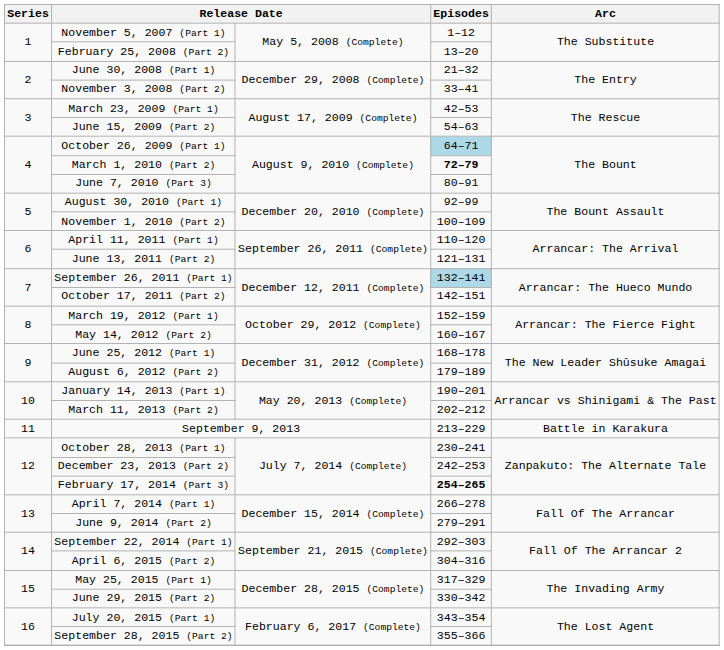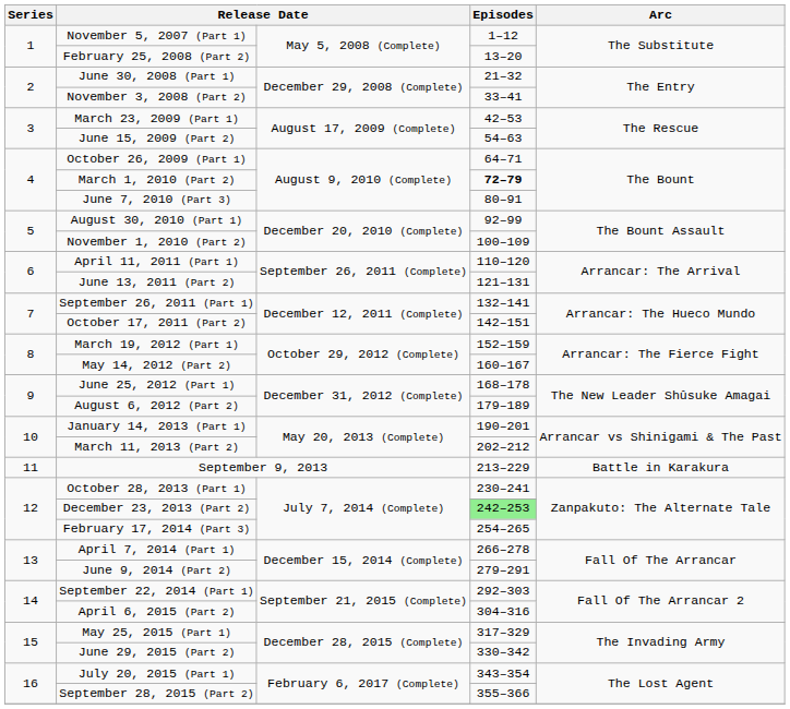 <table class="wikitable" style="text-align:center;">
 <tr>
 <th>Series</th>
 <th colspan="2">Release Date</th>
 <th>Episodes</th>
 <th>Arc</th>
 </tr>
 <tr>
 <td rowspan="2">1</td>
 <td>November 5, 2007 <small>(Part 1)</small></td>
 <td rowspan="2">May 5, 2008 <small>(Complete)</small></td>
 <td>1–12</td>
 <td rowspan="2">The Substitute</td>
 </tr>
 <tr>
 <td>February 25, 2008 <small>(Part 2)</small></td>
 <td>13–20</td>
 </tr>
 <tr>
 <td rowspan="2">2</td>
 <td>June 30, 2008 <small>(Part 1)</small></td>
 <td rowspan="2">December 29, 2008 <small>(Complete)</small></td>
 <td>21–32</td>
 <td rowspan="2">The Entry</td>
 </tr>
 <tr>
 <td>November 3, 2008 <small>(Part 2)</small></td>
 <td>33–41</td>
 </tr>
 <tr>
 <td rowspan="2">3</td>
 <td>March 23, 2009 <small>(Part 1)</small></td>
 <td rowspan="2">August 17, 2009 <small>(Complete)</small></td>
 <td>42–53</td>
 <td rowspan="2">The Rescue</td>
 </tr>
 <tr>
 <td>June 15, 2009 <small>(Part 2)</small></td>
 <td>54–63</td>
 </tr>
 <tr>
 <td rowspan="3">4</td>
 <td>October 26, 2009 <small>(Part 1)</small></td>
 <td rowspan="3">August 9, 2010 <small>(Complete)</small></td>
-<td style="background: lightblue;">64–71</td>
+<td>64–71</td>
 <td rowspan="3">The Bount</td>
 </tr>
 <tr>
 <td>March 1, 2010 <small>(Part 2)</small></td>
 <td><strong>72–79</strong></td>
 </tr>
 <tr>
 <td>June 7, 2010 <small>(Part 3)</small></td>
 <td>80–91</td>
 </tr>
 <tr>
 <td rowspan="2">5</td>
 <td>August 30, 2010 <small>(Part 1)</small></td>
 <td rowspan="2">December 20, 2010 <small>(Complete)</small></td>
 <td>92–99</td>
 <td rowspan="2">The Bount Assault</td>
 </tr>
 <tr>
 <td>November 1, 2010 <small>(Part 2)</small></td>
 <td>100–109</td>
 </tr>
 <tr>
 <td rowspan="2">6</td>
 <td>April 11, 2011 <small>(Part 1)</small></td>
 <td rowspan="2">September 26, 2011 <small>(Complete)</small></td>
 <td>110–120</td>
 <td rowspan="2">Arrancar: The Arrival</td>
 </tr>
 <tr>
 <td>June 13, 2011 <small>(Part 2)</small></td>
 <td>121–131</td>
 </tr>
 <tr>
 <td rowspan="2">7</td>
 <td>September 26, 2011 <small>(Part 1)</small></td>
 <td rowspan="2">December 12, 2011 <small>(Complete)</small></td>
-<td style="background: lightblue;">132–141</td>
+<td>132–141</td>
 <td rowspan="2">Arrancar: The Hueco Mundo</td>
 </tr>
 <tr>
 <td>October 17, 2011 <small>(Part 2)</small></td>
 <td>142–151</td>
 </tr>
 <tr>
 <td rowspan="2">8</td>
 <td>March 19, 2012 <small>(Part 1)</small></td>
 <td rowspan="2">October 29, 2012 <small>(Complete)</small></td>
 <td>152–159</td>
 <td rowspan="2">Arrancar: The Fierce Fight</td>
 </tr>
 <tr>
 <td>May 14, 2012 <small>(Part 2)</small></td>
 <td>160–167</td>
 </tr>
 <tr>
 <td rowspan="2">9</td>
 <td>June 25, 2012 <small>(Part 1)</small></td>
 <td rowspan="2">December 31, 2012 <small>(Complete)</small></td>
 <td>168–178</td>
 <td rowspan="2">The New Leader Shûsuke Amagai</td>
 </tr>
 <tr>
 <td>August 6, 2012 <small>(Part 2)</small></td>
 <td>179–189</td>
 </tr>
 <tr>
 <td rowspan="2">10</td>
 <td>January 14, 2013 <small>(Part 1)</small></td>
 <td rowspan="2">May 20, 2013 <small>(Complete)</small></td>
 <td>190–201</td>
 <td rowspan="2">Arrancar vs Shinigami & The Past</td>
 </tr>
 <tr>
 <td>March 11, 2013 <small>(Part 2)</small></td>
 <td>202–212</td>
 </tr>
 <tr>
 <td>11</td>
 <td colspan="2">September 9, 2013</td>
 <td>213–229</td>
 <td>Battle in Karakura</td>
 </tr>
 <tr>
 <td rowspan="3">12</td>
 <td>October 28, 2013 <small>(Part 1)</small></td>
 <td rowspan="3">July 7, 2014 <small>(Complete)</small></td>
 <td>230–241</td>
 <td rowspan="3">Zanpakuto: The Alternate Tale</td>
 </tr>
 <tr>
 <td>December 23, 2013 <small>(Part 2)</small></td>
-<td>242–253</td>
+<td style="background: lightgreen;">242–253</td>
 </tr>
 <tr>
 <td>February 17, 2014 <small>(Part 3)</small></td>
-<td><strong>254–265</strong></td>
+<td>254–265</td>
 </tr>
 <tr>
 <td rowspan="2">13</td>
 <td>April 7, 2014 <small>(Part 1)</small></td>
 <td rowspan="2">December 15, 2014 <small>(Complete)</small></td>
 <td>266–278</td>
 <td rowspan="2">Fall Of The Arrancar</td>
 </tr>
 <tr>
 <td>June 9, 2014 <small>(Part 2)</small></td>
 <td>279–291</td>
 </tr>
 <tr>
 <td rowspan="2">14</td>
 <td>September 22, 2014 <small>(Part 1)</small></td>
 <td rowspan="2">September 21, 2015 <small>(Complete)</small></td>
 <td>292–303</td>
 <td rowspan="2">Fall Of The Arrancar 2</td>
 </tr>
 <tr>
 <td>April 6, 2015 <small>(Part 2)</small></td>
 <td>304–316</td>
 </tr>
 <tr>
 <td rowspan="2">15</td>
 <td>May 25, 2015 <small>(Part 1)</small></td>
 <td rowspan="2">December 28, 2015 <small>(Complete)</small></td>
 <td>317–329</td>
 <td rowspan="2">The Invading Army</td>
 </tr>
 <tr>
 <td>June 29, 2015 <small>(Part 2)</small></td>
 <td>330–342</td>
 </tr>
 <tr>
 <td rowspan="2">16</td>
 <td>July 20, 2015 <small>(Part 1)</small></td>
 <td rowspan="2">February 6, 2017 <small>(Complete)</small></td>
 <td>343–354</td>
 <td rowspan="2">The Lost Agent</td>
 </tr>
 <tr>
 <td>September 28, 2015 <small>(Part 2)</small></td>
 <td>355–366</td>
 </tr>
 <tr>
 </tr>
 </table>
